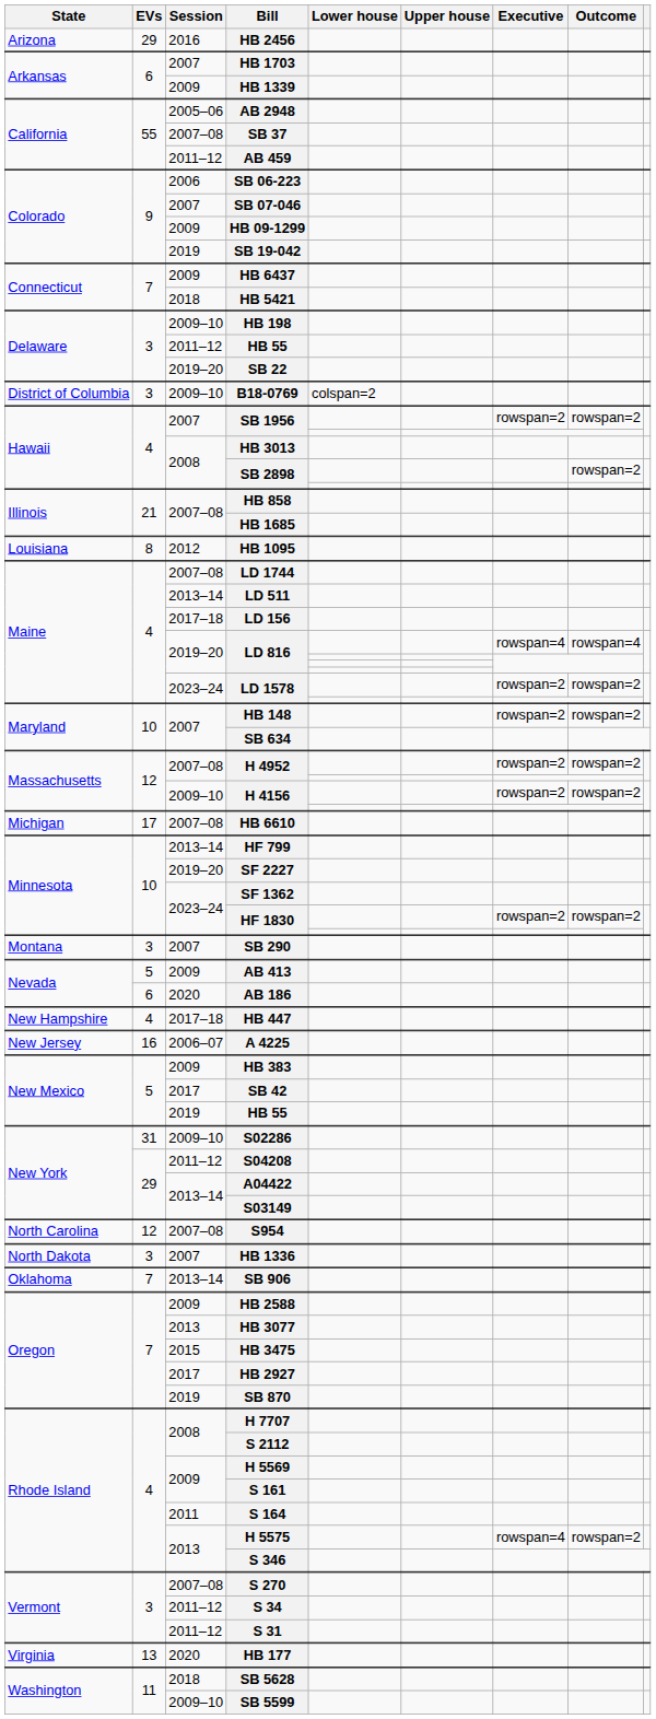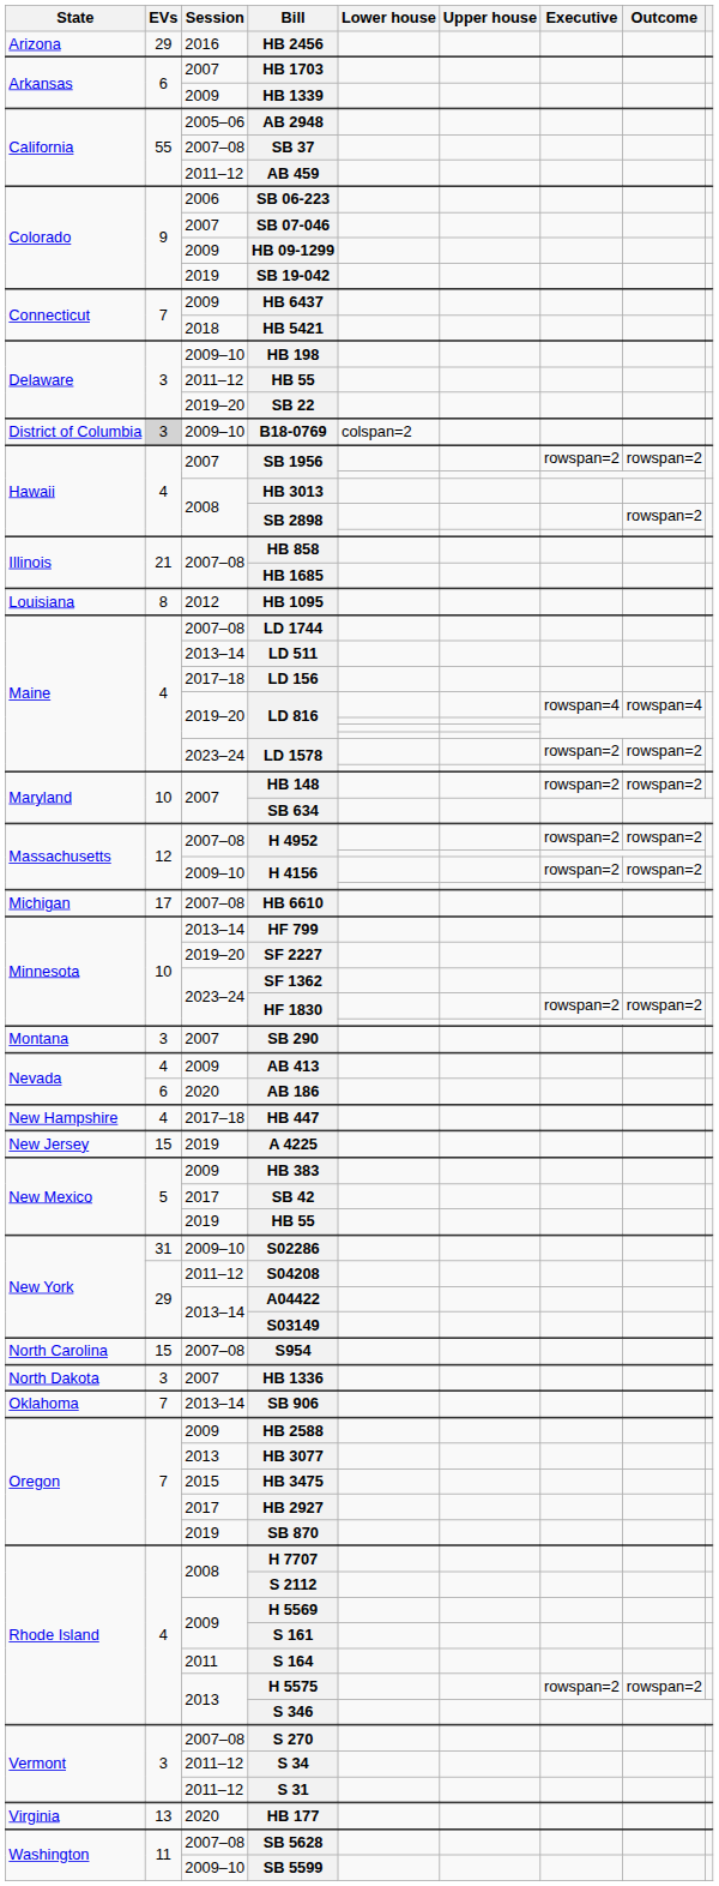 <table class="wikitable sortable plainrowheaders" style="line-height:1.2">
 <tr>
 <th scope="col">State</th>
 <th scope="col">EVs</th>
 <th scope="col">Session</th>
 <th scope="col" class="unsortable">Bill</th>
 <th scope="col" class="unsortable">Lower house</th>
 <th scope="col" class="unsortable">Upper house</th>
 <th scope="col" class="unsortable">Executive</th>
 <th scope="col">Outcome</th>
 <th scope="col" class="unsortable"></th>
 </tr>
 <tr>
 <td><a href='#'>Arizona</a></td>
 <td align=center>29</td>
 <td>2016</td>
 <th scope="row">HB 2456</th>
 <td></td>
 <td></td>
 <td></td>
 <td></td>
 <td align=center></td>
 </tr>
 <tr style="border-top:solid 2px #333333">
 <td rowspan=2><a href='#'>Arkansas</a></td>
 <td rowspan=2 align=center>6</td>
 <td>2007</td>
 <th scope="row">HB 1703</th>
 <td></td>
 <td></td>
 <td></td>
 <td></td>
 <td align=center></td>
 </tr>
 <tr>
 <td>2009</td>
 <th scope="row">HB 1339</th>
 <td></td>
 <td></td>
 <td></td>
 <td></td>
 <td align=center></td>
 </tr>
 <tr style="border-top:solid 2px #333333">
 <td rowspan=3><a href='#'>California</a></td>
 <td rowspan=3 align=center>55</td>
 <td>2005–06</td>
 <th scope="row">AB 2948</th>
 <td></td>
 <td></td>
 <td></td>
 <td></td>
 <td align=center></td>
 </tr>
 <tr>
 <td>2007–08</td>
 <th scope="row">SB 37</th>
 <td></td>
 <td></td>
 <td></td>
 <td></td>
 <td align=center></td>
 </tr>
 <tr>
 <td>2011–12</td>
 <th scope="row">AB 459</th>
 <td></td>
 <td></td>
 <td></td>
 <td></td>
 <td align=center></td>
 </tr>
 <tr style="border-top:solid 2px #333333">
 <td rowspan=4><a href='#'>Colorado</a></td>
 <td rowspan=4 align=center>9</td>
 <td>2006</td>
 <th scope="row">SB 06-223</th>
 <td></td>
 <td></td>
 <td></td>
 <td></td>
 <td align=center></td>
 </tr>
 <tr>
 <td>2007</td>
 <th scope="row">SB 07-046</th>
 <td></td>
 <td></td>
 <td></td>
 <td></td>
 <td align=center></td>
 </tr>
 <tr>
 <td>2009</td>
 <th scope="row">HB 09-1299</th>
 <td></td>
 <td></td>
 <td></td>
 <td></td>
 <td align=center></td>
 </tr>
 <tr>
 <td>2019</td>
 <th scope="row">SB 19-042</th>
 <td></td>
 <td></td>
 <td></td>
 <td></td>
 <td align=center></td>
 </tr>
 <tr style="border-top:solid 2px #333333">
 <td rowspan=2><a href='#'>Connecticut</a></td>
 <td rowspan=2 align=center>7</td>
 <td>2009</td>
 <th scope="row">HB 6437</th>
 <td></td>
 <td></td>
 <td></td>
 <td></td>
 <td align=center></td>
 </tr>
 <tr>
 <td>2018</td>
 <th scope="row">HB 5421</th>
 <td></td>
 <td></td>
 <td></td>
 <td></td>
 <td align=center></td>
 </tr>
 <tr style="border-top:solid 2px #333333">
 <td rowspan=3><a href='#'>Delaware</a></td>
 <td rowspan=3 align=center>3</td>
 <td>2009–10</td>
 <th scope="row">HB 198</th>
 <td></td>
 <td></td>
 <td></td>
 <td></td>
 <td align=center></td>
 </tr>
 <tr>
 <td>2011–12</td>
 <th scope="row">HB 55</th>
 <td></td>
 <td></td>
 <td></td>
 <td></td>
 <td align=center></td>
 </tr>
 <tr>
 <td>2019–20</td>
 <th scope="row">SB 22</th>
 <td></td>
 <td></td>
 <td></td>
 <td></td>
 <td align=center></td>
 </tr>
 <tr style="border-top:solid 2px #333333">
 <td><a href='#'>District of Columbia</a></td>
-<td align=center>3</td>
+<td align=center style="background: lightgrey;">3</td>
 <td>2009–10</td>
 <th scope="row">B18-0769</th>
 <td>colspan=2 </td>
 <td></td>
 <td></td>
 <td align=center></td>
 </tr>
 <tr style="border-top:solid 2px #333333">
 <td rowspan=5><a href='#'>Hawaii</a></td>
 <td rowspan=5 align=center>4</td>
 <td rowspan=2>2007</td>
 <th scope="row" rowspan=2>SB 1956</th>
 <td></td>
 <td></td>
 <td>rowspan=2 </td>
 <td>rowspan=2 </td>
 <td rowspan=2 align=center></td>
 </tr>
 <tr>
 <td></td>
 <td></td>
 </tr>
 <tr>
 <td rowspan=3>2008</td>
 <th scope="row">HB 3013</th>
 <td></td>
 <td></td>
 <td></td>
 <td></td>
 <td align=center></td>
 </tr>
 <tr>
 <th scope="row" rowspan=2>SB 2898</th>
 <td></td>
 <td></td>
 <td></td>
 <td>rowspan=2 </td>
 <td rowspan=2 align=center></td>
 </tr>
 <tr>
 <td></td>
 <td></td>
 <td></td>
 </tr>
 <tr style="border-top:solid 2px #333333">
 <td rowspan=2><a href='#'>Illinois</a></td>
 <td rowspan=2 align=center>21</td>
 <td rowspan=2>2007–08</td>
 <th scope="row">HB 858</th>
 <td></td>
 <td></td>
 <td></td>
 <td></td>
 <td align=center></td>
 </tr>
 <tr>
 <th scope="row">HB 1685</th>
 <td></td>
 <td></td>
 <td></td>
 <td></td>
 <td align=center></td>
 </tr>
 <tr style="border-top:solid 2px #333333">
 <td><a href='#'>Louisiana</a></td>
 <td align=center>8</td>
 <td>2012</td>
 <th scope="row">HB 1095</th>
 <td></td>
 <td></td>
 <td></td>
 <td></td>
 <td align=center></td>
 </tr>
 <tr style="border-top:solid 2px #333333">
 <td rowspan=9><a href='#'>Maine</a></td>
 <td rowspan=9 align=center>4</td>
 <td>2007–08</td>
 <th scope="row">LD 1744</th>
 <td></td>
 <td></td>
 <td></td>
 <td></td>
 <td align=center></td>
 </tr>
 <tr>
 <td>2013–14</td>
 <th scope="row">LD 511</th>
 <td></td>
 <td></td>
 <td></td>
 <td></td>
 <td align=center></td>
 </tr>
 <tr>
 <td>2017–18</td>
 <th scope="row">LD 156</th>
 <td></td>
 <td></td>
 <td></td>
 <td></td>
 <td align=center></td>
 </tr>
 <tr>
 <td rowspan=4>2019–20</td>
 <th scope="row" rowspan=4>LD 816</th>
 <td></td>
 <td></td>
 <td>rowspan=4 </td>
 <td>rowspan=4 </td>
 <td rowspan=4 align=center></td>
 </tr>
 <tr>
 <td></td>
 <td></td>
 </tr>
 <tr>
 <td></td>
 <td></td>
 </tr>
 <tr>
 <td></td>
 <td></td>
 </tr>
 <tr>
 <td rowspan=2>2023–24</td>
 <th rowspan=2 scope="row">LD 1578</th>
 <td></td>
 <td></td>
 <td>rowspan=2 </td>
 <td>rowspan=2 </td>
 <td rowspan=2 align=center></td>
 </tr>
 <tr>
 <td></td>
 <td></td>
 </tr>
 <tr style="border-top:solid 2px #333333">
 <td rowspan=2><a href='#'>Maryland</a></td>
 <td rowspan=2 align=center>10</td>
 <td rowspan=2>2007</td>
 <th scope="row">HB 148</th>
 <td></td>
 <td></td>
 <td>rowspan=2 </td>
 <td>rowspan=2 </td>
 <td align=center></td>
 </tr>
 <tr>
 <th scope="row">SB 634</th>
 <td></td>
 <td></td>
 <td align=center></td>
 </tr>
 <tr style="border-top:solid 2px #333333">
 <td rowspan=4><a href='#'>Massachusetts</a></td>
 <td rowspan=4 align=center>12</td>
 <td rowspan=2>2007–08</td>
 <th scope="row" rowspan=2>H 4952</th>
 <td></td>
 <td></td>
 <td>rowspan=2 </td>
 <td>rowspan=2 </td>
 <td rowspan=2 align=center></td>
 </tr>
 <tr>
 <td></td>
 <td></td>
 </tr>
 <tr>
 <td rowspan=2>2009–10</td>
 <th scope="row" rowspan=2>H 4156</th>
 <td></td>
 <td></td>
 <td>rowspan=2 </td>
 <td>rowspan=2 </td>
 <td rowspan=2 align=center></td>
 </tr>
 <tr>
 <td></td>
 <td></td>
 </tr>
 <tr style="border-top:solid 2px #333333">
 <td><a href='#'>Michigan</a></td>
 <td align=center>17</td>
 <td>2007–08</td>
 <th scope="row">HB 6610</th>
 <td></td>
 <td></td>
 <td></td>
 <td></td>
 <td align=center></td>
 </tr>
 <tr style="border-top:solid 2px #333333">
 <td rowspan=5><a href='#'>Minnesota</a></td>
 <td rowspan=5 align=center>10</td>
 <td>2013–14</td>
 <th scope="row">HF 799</th>
 <td></td>
 <td></td>
 <td></td>
 <td></td>
 <td align=center></td>
 </tr>
 <tr>
 <td>2019–20</td>
 <th scope="row">SF 2227</th>
 <td></td>
 <td></td>
 <td></td>
 <td></td>
 <td align=center></td>
 </tr>
 <tr>
 <td rowspan=3>2023–24</td>
 <th scope="row">SF 1362</th>
 <td></td>
 <td></td>
 <td></td>
 <td></td>
 <td align=center></td>
 </tr>
 <tr>
 <th rowspan=2 scope="row">HF 1830</th>
 <td></td>
 <td></td>
 <td>rowspan=2 </td>
 <td>rowspan=2 </td>
 <td rowspan=2 align=center></td>
 </tr>
 <tr>
 <td></td>
 <td></td>
 </tr>
 <tr style="border-top:solid 2px #333333">
 <td><a href='#'>Montana</a></td>
 <td align=center>3</td>
 <td>2007</td>
 <th scope="row">SB 290</th>
 <td></td>
 <td></td>
 <td></td>
 <td></td>
 <td align=center></td>
 </tr>
 <tr style="border-top:solid 2px #333333">
 <td rowspan=2><a href='#'>Nevada</a></td>
-<td align=center>5</td>
+<td align=center>4</td>
 <td>2009</td>
 <th scope="row">AB 413</th>
 <td></td>
 <td></td>
 <td></td>
 <td></td>
 <td align=center></td>
 </tr>
 <tr>
 <td align=center>6</td>
 <td>2020</td>
 <th scope="row">AB 186</th>
 <td></td>
 <td></td>
 <td></td>
 <td></td>
 <td align=center></td>
 </tr>
 <tr style="border-top:solid 2px #333333">
 <td><a href='#'>New Hampshire</a></td>
 <td align=center>4</td>
 <td>2017–18</td>
 <th scope="row">HB 447</th>
 <td></td>
 <td></td>
 <td></td>
 <td></td>
 <td align=center></td>
 </tr>
 <tr style="border-top:solid 2px #333333">
 <td><a href='#'>New Jersey</a></td>
-<td align=center>16</td>
-<td>2006–07</td>
+<td align=center>15</td>
+<td>2019</td>
 <th scope="row">A 4225</th>
 <td></td>
 <td></td>
 <td></td>
 <td></td>
 <td align=center></td>
 </tr>
 <tr style="border-top:solid 2px #333333">
 <td rowspan=3><a href='#'>New Mexico</a></td>
 <td rowspan=3 align=center>5</td>
 <td>2009</td>
 <th scope="row">HB 383</th>
 <td></td>
 <td></td>
 <td></td>
 <td></td>
 <td align=center></td>
 </tr>
 <tr>
 <td>2017</td>
 <th scope="row">SB 42</th>
 <td></td>
 <td></td>
 <td></td>
 <td></td>
 <td align=center></td>
 </tr>
 <tr>
 <td>2019</td>
 <th scope="row">HB 55</th>
 <td></td>
 <td></td>
 <td></td>
 <td></td>
 <td align=center></td>
 </tr>
 <tr style="border-top:solid 2px #333333">
 <td rowspan=4><a href='#'>New York</a></td>
 <td align=center>31</td>
 <td>2009–10</td>
 <th scope="row">S02286</th>
 <td></td>
 <td></td>
 <td></td>
 <td></td>
 <td align=center></td>
 </tr>
 <tr>
 <td rowspan=3 align=center>29</td>
 <td>2011–12</td>
 <th scope="row">S04208</th>
 <td></td>
 <td></td>
 <td></td>
 <td></td>
 <td align=center></td>
 </tr>
 <tr>
 <td rowspan=2>2013–14</td>
 <th scope="row">A04422</th>
 <td></td>
 <td></td>
 <td></td>
 <td></td>
 <td align=center></td>
 </tr>
 <tr>
 <th scope="row">S03149</th>
 <td></td>
 <td></td>
 <td></td>
 <td></td>
 <td align=center></td>
 </tr>
 <tr style="border-top:solid 2px #333333">
 <td><a href='#'>North Carolina</a></td>
-<td align=center>12</td>
+<td align=center>15</td>
 <td>2007–08</td>
 <th scope="row">S954</th>
 <td></td>
 <td></td>
 <td></td>
 <td></td>
 <td align=center></td>
 </tr>
 <tr style="border-top:solid 2px #333333">
 <td><a href='#'>North Dakota</a></td>
 <td align=center>3</td>
 <td>2007</td>
 <th scope="row">HB 1336</th>
 <td></td>
 <td></td>
 <td></td>
 <td></td>
 <td align=center></td>
 </tr>
 <tr style="border-top:solid 2px #333333">
 <td><a href='#'>Oklahoma</a></td>
 <td align=center>7</td>
 <td>2013–14</td>
 <th scope="row">SB 906</th>
 <td></td>
 <td></td>
 <td></td>
 <td></td>
 <td align=center></td>
 </tr>
 <tr style="border-top:solid 2px #333333">
 <td rowspan=5><a href='#'>Oregon</a></td>
 <td rowspan=5 align=center>7</td>
 <td>2009</td>
 <th scope="row">HB 2588</th>
 <td></td>
 <td></td>
 <td></td>
 <td></td>
 <td align=center></td>
 </tr>
 <tr>
 <td>2013</td>
 <th scope="row">HB 3077</th>
 <td></td>
 <td></td>
 <td></td>
 <td></td>
 <td align=center></td>
 </tr>
 <tr>
 <td>2015</td>
 <th scope="row">HB 3475</th>
 <td></td>
 <td></td>
 <td></td>
 <td></td>
 <td align=center></td>
 </tr>
 <tr>
 <td>2017</td>
 <th scope="row">HB 2927</th>
 <td></td>
 <td></td>
 <td></td>
 <td></td>
 <td align=center></td>
 </tr>
 <tr>
 <td>2019</td>
 <th scope="row">SB 870</th>
 <td></td>
 <td></td>
 <td></td>
 <td></td>
 <td align=center></td>
 </tr>
 <tr style="border-top:solid 2px #333333">
 <td rowspan=7><a href='#'>Rhode Island</a></td>
 <td rowspan=7 align=center>4</td>
 <td rowspan=2>2008</td>
 <th scope="row">H 7707</th>
 <td></td>
 <td></td>
 <td></td>
 <td></td>
 <td align=center></td>
 </tr>
 <tr>
 <th scope="row">S 2112</th>
 <td></td>
 <td></td>
 <td></td>
 <td></td>
 <td align=center></td>
 </tr>
 <tr>
 <td rowspan=2>2009</td>
 <th scope="row">H 5569</th>
 <td></td>
 <td></td>
 <td></td>
 <td></td>
 <td align=center></td>
 </tr>
 <tr>
 <th scope="row">S 161</th>
 <td></td>
 <td></td>
 <td></td>
 <td></td>
 <td align=center></td>
 </tr>
 <tr>
 <td>2011</td>
 <th scope="row">S 164</th>
 <td></td>
 <td></td>
 <td></td>
 <td></td>
 <td align=center></td>
 </tr>
 <tr>
 <td rowspan=2>2013</td>
 <th scope="row">H 5575</th>
 <td></td>
 <td></td>
-<td>rowspan=4 </td>
+<td>rowspan=2 </td>
 <td>rowspan=2 </td>
 <td align=center></td>
 </tr>
 <tr>
 <th scope="row">S 346</th>
 <td></td>
 <td></td>
 <td align=center></td>
 </tr>
 <tr style="border-top:solid 2px #333333">
 <td rowspan=3><a href='#'>Vermont</a></td>
 <td rowspan=3 align=center>3</td>
 <td>2007–08</td>
 <th scope="row">S 270</th>
 <td></td>
 <td></td>
 <td></td>
 <td></td>
 <td align=center></td>
 </tr>
 <tr>
 <td>2011–12</td>
 <th scope="row">S 34</th>
 <td></td>
 <td></td>
 <td></td>
 <td></td>
 <td align=center></td>
 </tr>
 <tr>
 <td>2011–12</td>
 <th scope="row">S 31</th>
 <td></td>
 <td></td>
 <td></td>
 <td></td>
 <td align=center></td>
 </tr>
 <tr style="border-top:solid 2px #333333">
 <td><a href='#'>Virginia</a></td>
 <td align=center>13</td>
 <td>2020</td>
 <th scope="row">HB 177</th>
 <td></td>
 <td></td>
 <td></td>
 <td></td>
 <td align=center></td>
 </tr>
 <tr style="border-top:solid 2px #333333">
 <td rowspan=2><a href='#'>Washington</a></td>
 <td rowspan=2 align=center>11</td>
-<td>2018</td>
+<td>2007–08</td>
 <th scope="row">SB 5628</th>
 <td></td>
 <td></td>
 <td></td>
 <td></td>
 <td align=center></td>
 </tr>
 <tr>
 <td>2009–10</td>
 <th scope="row">SB 5599</th>
 <td></td>
 <td></td>
 <td></td>
 <td></td>
 <td align=center></td>
 </tr>
 </table>
